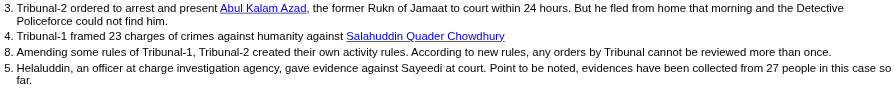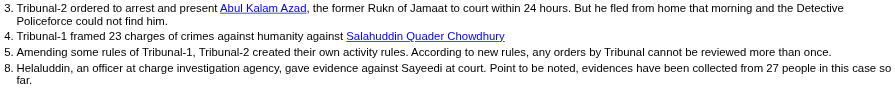 <table>
 <tr valign=top>
 <td>3.</td>
 <td>Tribunal-2 ordered to arrest and present <a href='#'>Abul Kalam Azad</a>, the former Rukn of Jamaat to court within 24 hours. But he fled from home that morning and the Detective Policeforce could not find him.</td>
 </tr>
 <tr valign=top>
 <td>4.</td>
 <td>Tribunal-1 framed 23 charges of crimes against humanity against <a href='#'>Salahuddin Quader Chowdhury</a></td>
 </tr>
 <tr valign=top>
-<td>8.</td>
+<td>5.</td>
 <td>Amending some rules of Tribunal-1, Tribunal-2 created their own activity rules. According to new rules, any orders by Tribunal cannot be reviewed more than once.</td>
 </tr>
 <tr valign=top>
-<td>5.</td>
+<td>8.</td>
 <td>Helaluddin, an officer at charge investigation agency, gave evidence against Sayeedi at court. Point to be noted, evidences have been collected from 27 people in this case so far.</td>
 </tr>
 </table>
